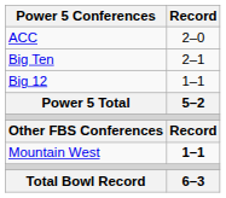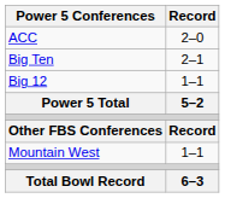 <table class="wikitable">
 <tr>
 <th>Power 5 Conferences</th>
 <th>Record</th>
 </tr>
 <tr>
 <td><a href='#'>ACC</a></td>
 <td align=center>2–0</td>
 </tr>
 <tr>
 <td><a href='#'>Big Ten</a></td>
 <td align=center>2–1</td>
 </tr>
 <tr>
 <td><a href='#'>Big 12</a></td>
 <td align=center>1–1</td>
 </tr>
 <tr>
 <th>Power 5 Total</th>
 <th>5–2</th>
 </tr>
 <tr>
 <th colSpan="2" style="background-color:lightgrey;"></th>
 </tr>
 <tr>
 <th>Other FBS Conferences</th>
 <th>Record</th>
 </tr>
 <tr>
 <td><a href='#'>Mountain West</a></td>
-<td align=center><strong>1–1</strong></td>
+<td align=center>1–1</td>
 </tr>
 <tr>
 <th colSpan="2" style="background-color:lightgrey;"></th>
 </tr>
 <tr>
 <th>Total Bowl Record</th>
 <th>6–3</th>
 </tr>
 </table>
